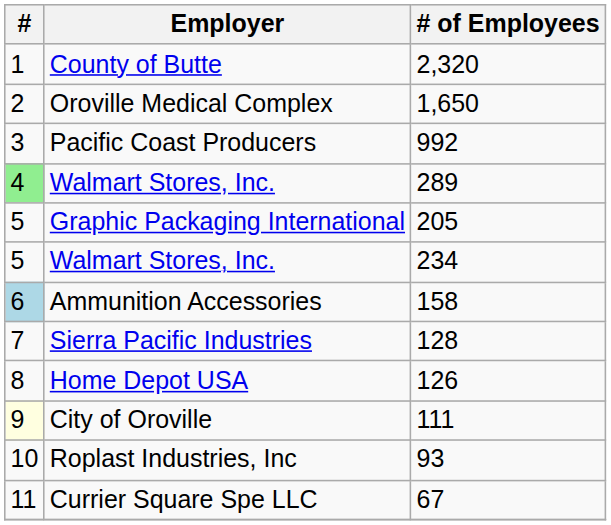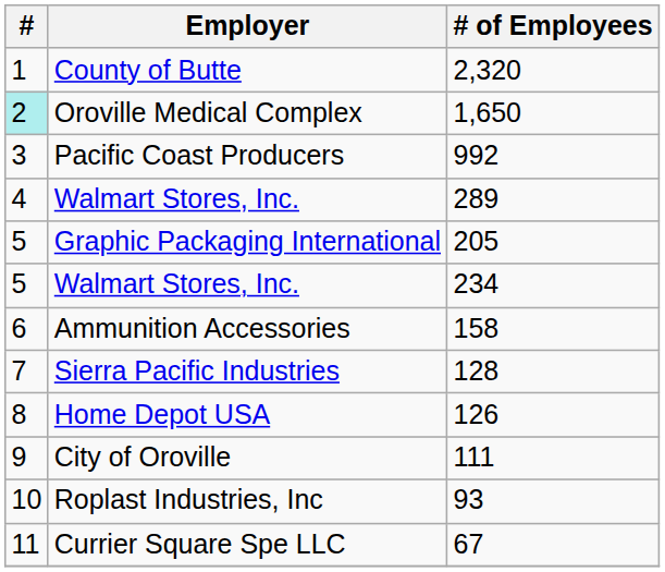 <table class="wikitable">
 <tr>
 <th>#</th>
 <th>Employer</th>
 <th># of Employees</th>
 </tr>
 <tr>
 <td>1</td>
 <td><a href='#'>County of Butte</a></td>
 <td>2,320</td>
 </tr>
 <tr>
-<td>2</td>
+<td style="background: paleturquoise;">2</td>
 <td>Oroville Medical Complex</td>
 <td>1,650</td>
 </tr>
 <tr>
 <td>3</td>
 <td>Pacific Coast Producers</td>
 <td>992</td>
 </tr>
 <tr>
-<td style="background: lightgreen;">4</td>
+<td>4</td>
 <td><a href='#'>Walmart Stores, Inc.</a></td>
 <td>289</td>
 </tr>
 <tr>
 <td>5</td>
 <td><a href='#'>Graphic Packaging International</a></td>
 <td>205</td>
 </tr>
 <tr>
 <td>5</td>
 <td><a href='#'>Walmart Stores, Inc.</a></td>
 <td>234</td>
 </tr>
 <tr>
-<td style="background: lightblue;">6</td>
+<td>6</td>
 <td>Ammunition Accessories</td>
 <td>158</td>
 </tr>
 <tr>
 <td>7</td>
 <td><a href='#'>Sierra Pacific Industries</a></td>
 <td>128</td>
 </tr>
 <tr>
 <td>8</td>
 <td><a href='#'>Home Depot USA</a></td>
 <td>126</td>
 </tr>
 <tr>
-<td style="background: lightyellow;">9</td>
+<td>9</td>
 <td>City of Oroville</td>
 <td>111</td>
 </tr>
 <tr>
 <td>10</td>
 <td>Roplast Industries, Inc</td>
 <td>93</td>
 </tr>
 <tr>
 <td>11</td>
 <td>Currier Square Spe LLC</td>
 <td>67</td>
 </tr>
 <tr>
 </tr>
 </table>
